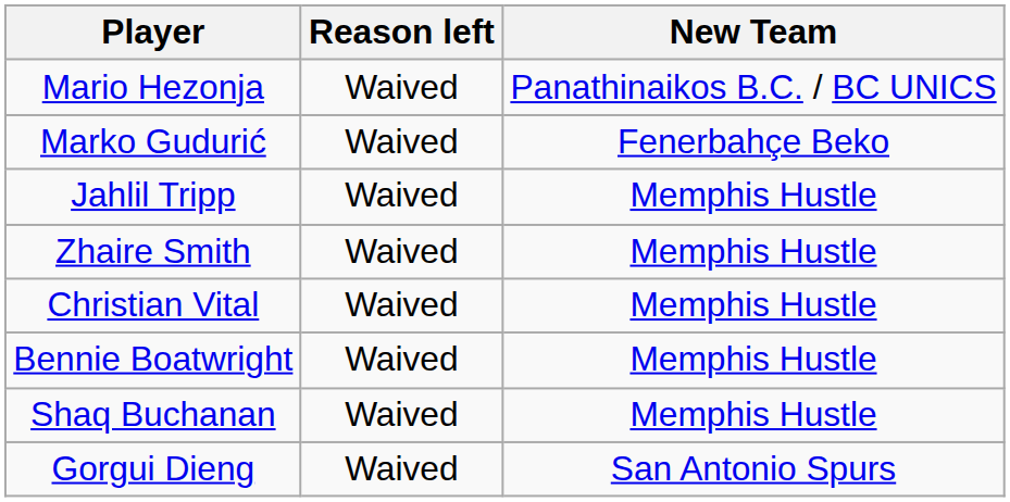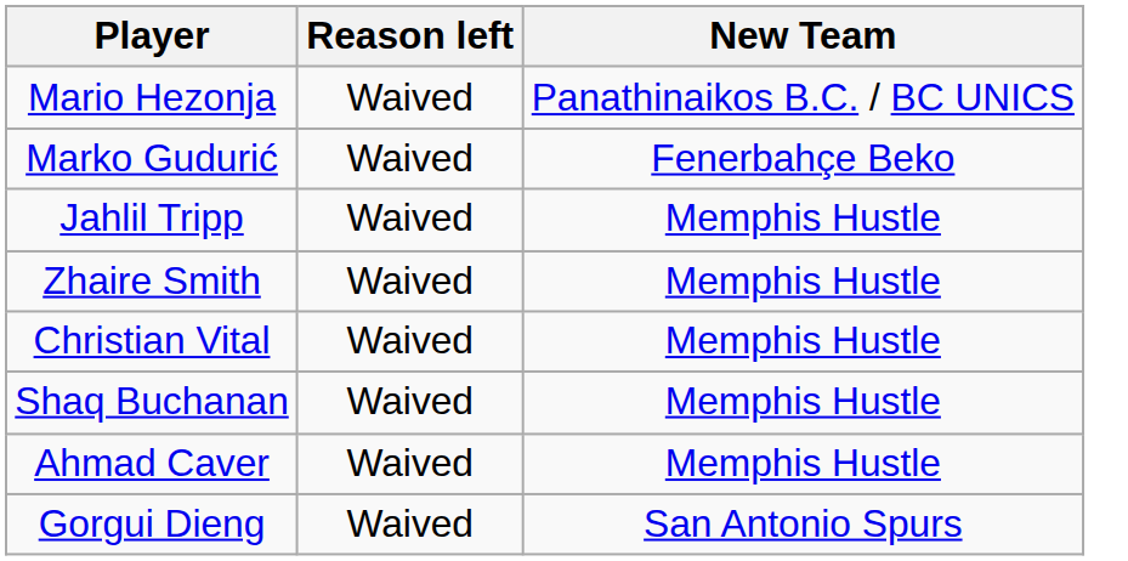 <table class="wikitable sortable sortable" style="text-align: center">
 <tr>
 <th>Player</th>
 <th>Reason left</th>
 <th>New Team</th>
 </tr>
 <tr style="text-align: center">
 <td><a href='#'>Mario Hezonja</a></td>
 <td>Waived</td>
 <td> <a href='#'>Panathinaikos B.C.</a> /  <a href='#'>BC UNICS</a></td>
 </tr>
 <tr style="text-align: center">
 <td><a href='#'>Marko Gudurić</a></td>
 <td>Waived</td>
 <td> <a href='#'>Fenerbahçe Beko</a></td>
 </tr>
 <tr style="text-align: center">
 <td><a href='#'>Jahlil Tripp</a></td>
 <td>Waived</td>
 <td><a href='#'>Memphis Hustle</a></td>
 </tr>
 <tr>
 <td><a href='#'>Zhaire Smith</a></td>
 <td>Waived</td>
 <td><a href='#'>Memphis Hustle</a></td>
 </tr>
 <tr>
 <td><a href='#'>Christian Vital</a></td>
 <td>Waived</td>
 <td><a href='#'>Memphis Hustle</a></td>
 </tr>
 <tr>
-<td><a href='#'>Bennie Boatwright</a></td>
+<td><a href='#'>Shaq Buchanan</a></td>
 <td>Waived</td>
 <td><a href='#'>Memphis Hustle</a></td>
 </tr>
 <tr>
-<td><a href='#'>Shaq Buchanan</a></td>
+<td><a href='#'>Ahmad Caver</a></td>
 <td>Waived</td>
 <td><a href='#'>Memphis Hustle</a></td>
 </tr>
 <tr>
 <td><a href='#'>Gorgui Dieng</a></td>
 <td>Waived</td>
 <td><a href='#'>San Antonio Spurs</a></td>
 </tr>
 </table>
